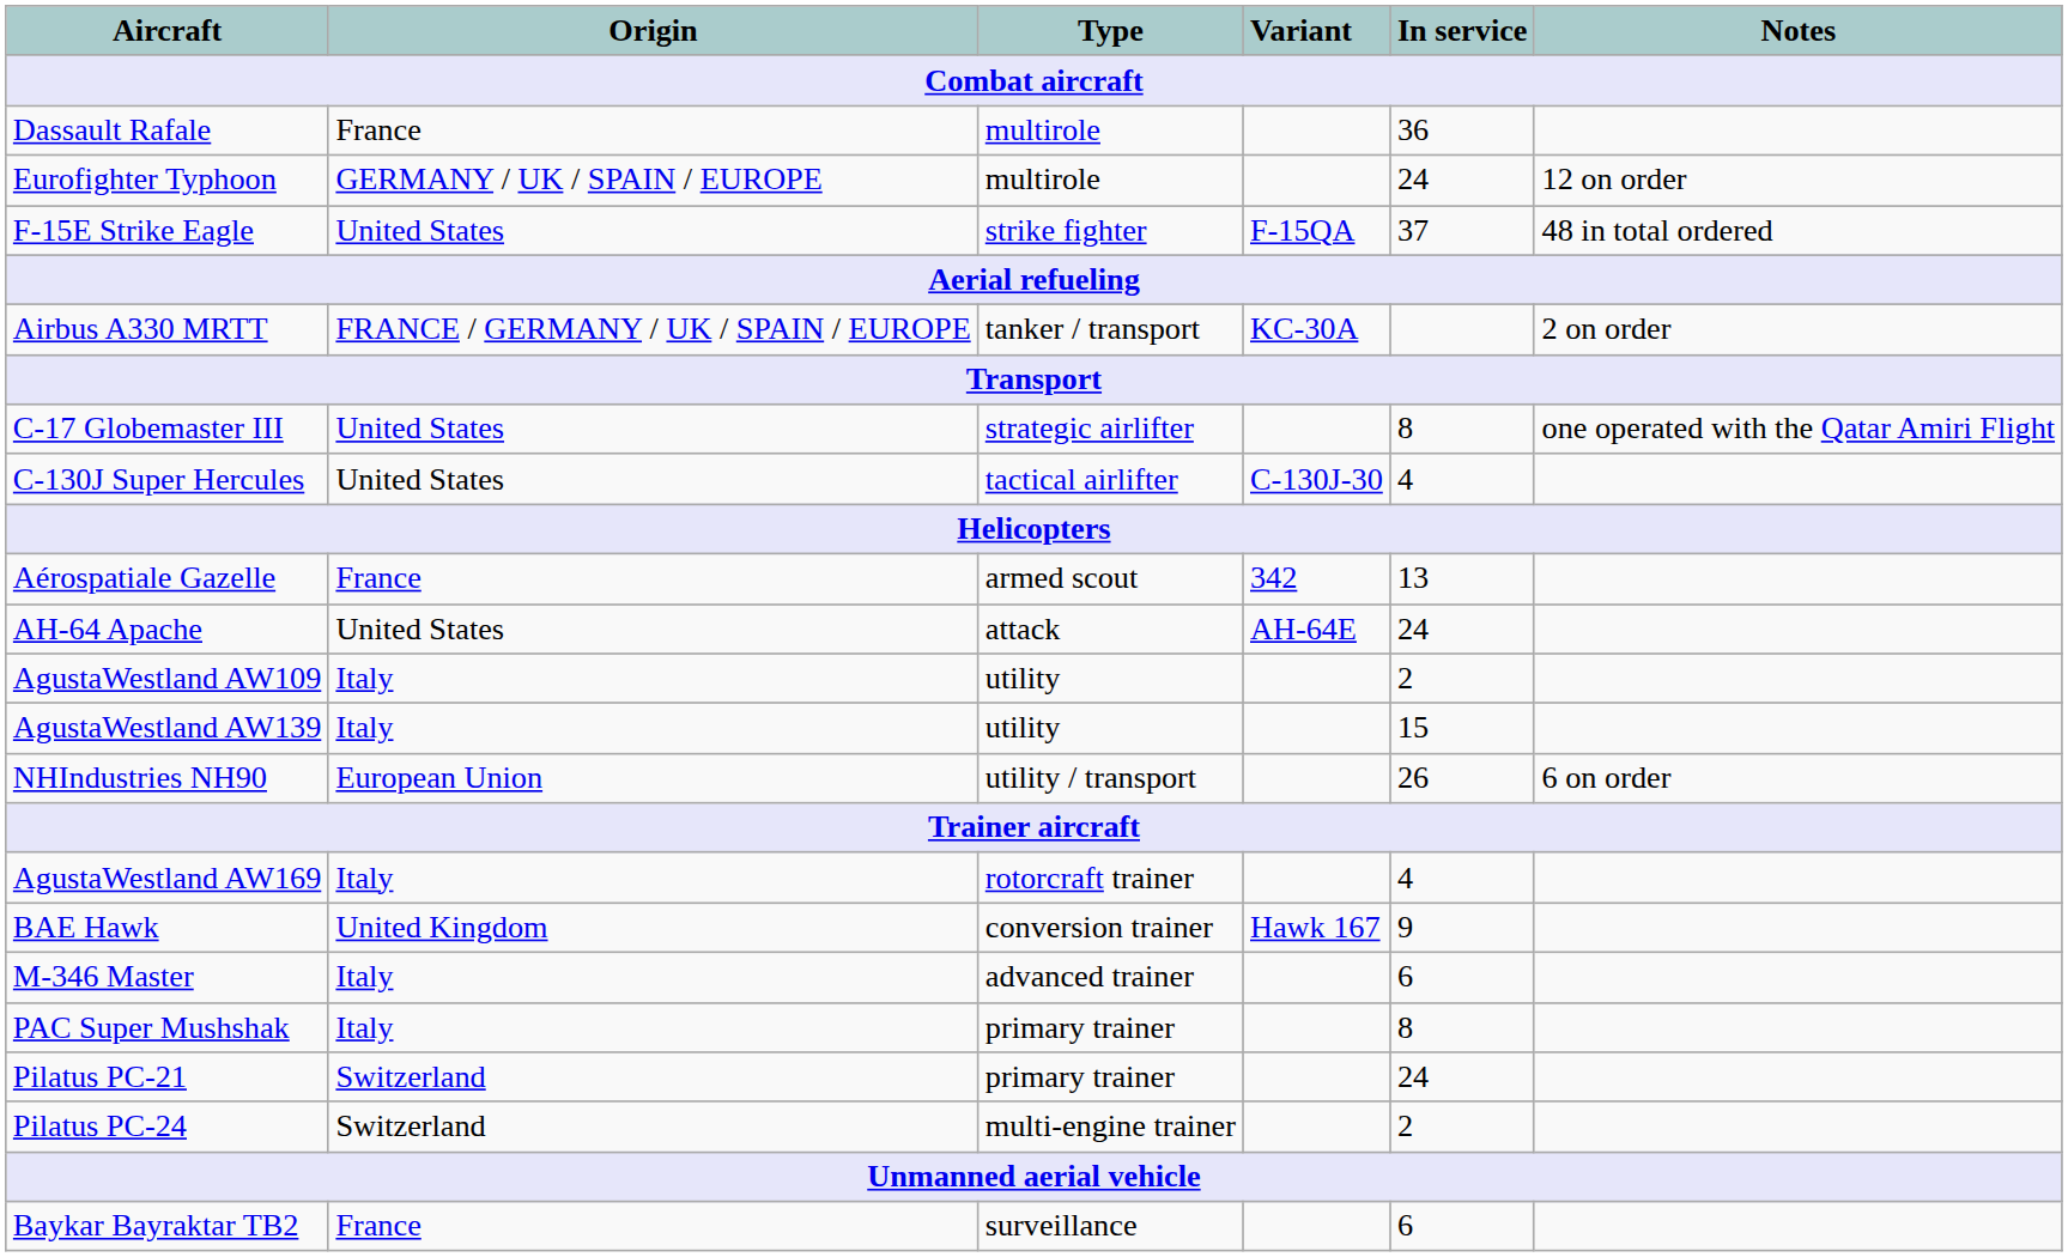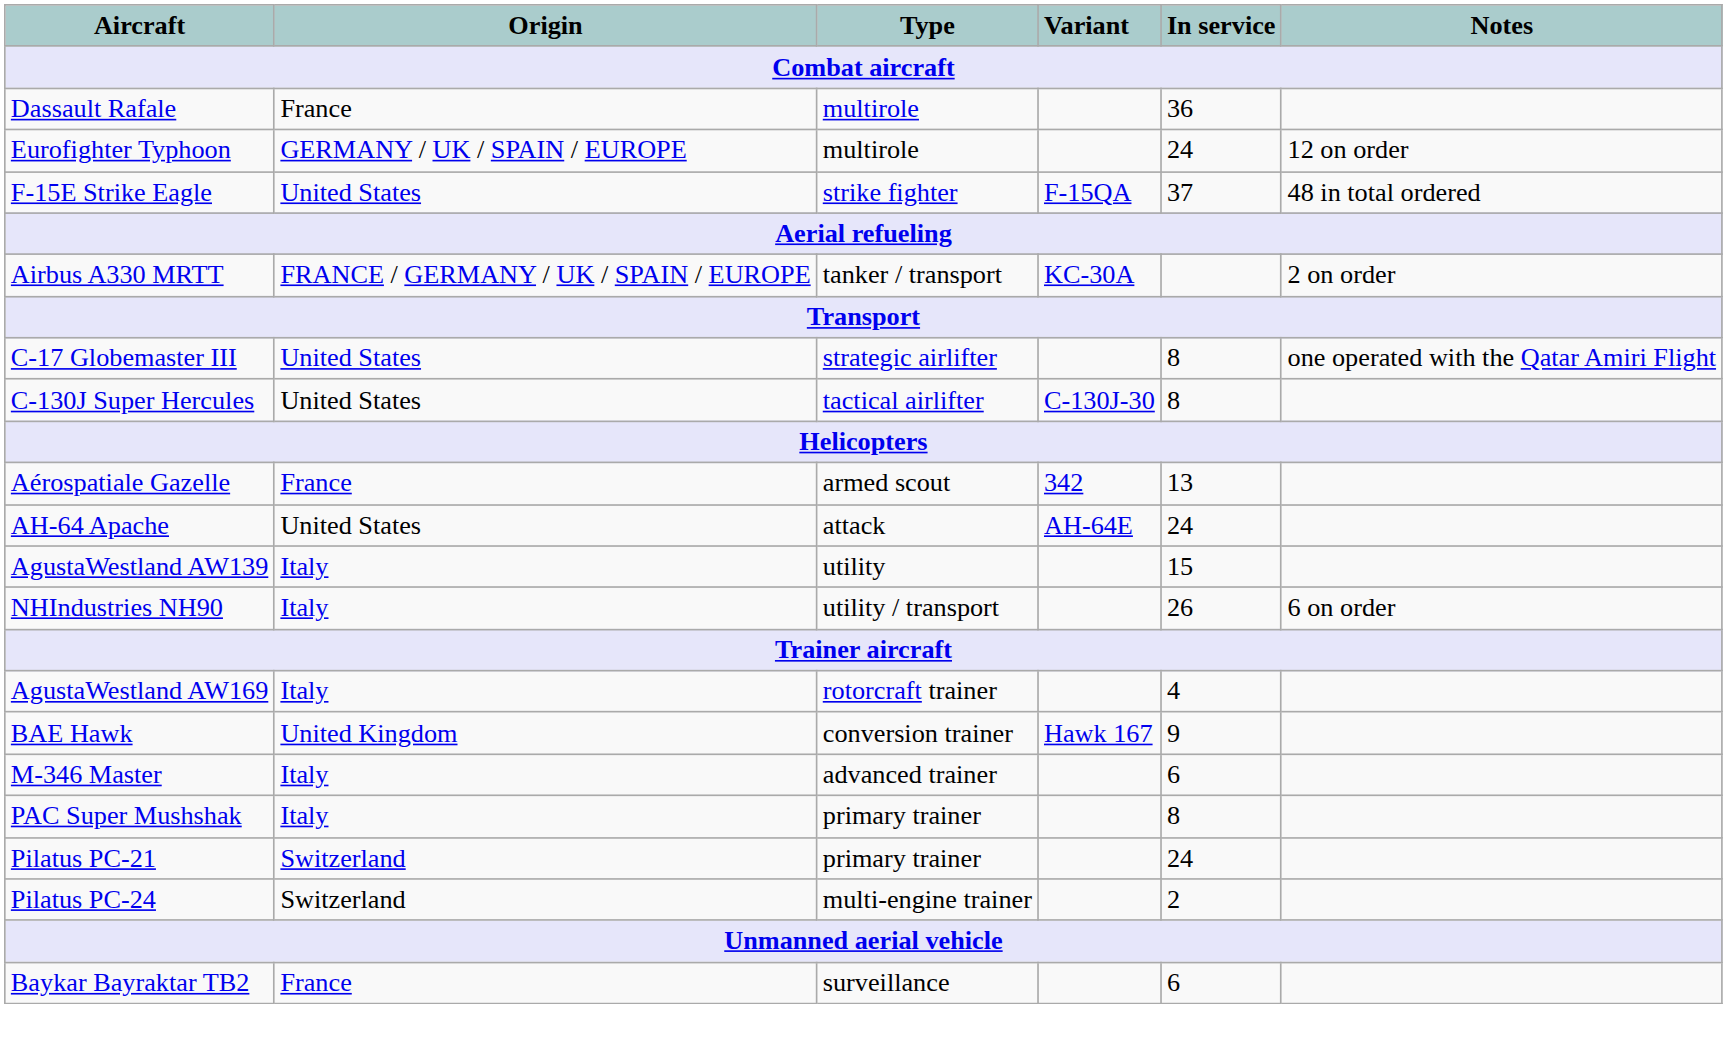 <table class="wikitable">
 <tr>
 <th style="text-align:center; background:#acc;">Aircraft</th>
 <th style="text-align: center; background:#acc;">Origin</th>
 <th style="text-align:l center; background:#acc;">Type</th>
 <th style="text-align:left; background:#acc;">Variant</th>
 <th style="text-align:center; background:#acc;">In service</th>
 <th style="text-align: center; background:#acc;">Notes</th>
 </tr>
 <tr>
 <th style="align: center; background: lavender;" colspan="6"><a href='#'>Combat aircraft</a></th>
 </tr>
 <tr>
 <td><a href='#'>Dassault Rafale</a></td>
 <td>France</td>
 <td><a href='#'>multirole</a></td>
 <td></td>
 <td>36</td>
 <td></td>
 </tr>
 <tr>
 <td><a href='#'>Eurofighter Typhoon</a></td>
 <td><a href='#'>GERMANY</a> / <a href='#'>UK</a> / <a href='#'>SPAIN</a> / <a href='#'>EUROPE</a></td>
 <td>multirole</td>
 <td></td>
 <td>24</td>
 <td>12 on order</td>
 </tr>
 <tr>
 <td><a href='#'>F-15E Strike Eagle</a></td>
 <td><a href='#'>United States</a></td>
 <td><a href='#'>strike fighter</a></td>
 <td><a href='#'>F-15QA</a></td>
 <td>37</td>
 <td>48 in total ordered</td>
 </tr>
 <tr>
 <th style="align: center; background: lavender;" colspan="6"><a href='#'>Aerial refueling</a></th>
 </tr>
 <tr>
 <td><a href='#'>Airbus A330 MRTT</a></td>
 <td><a href='#'>FRANCE</a> / <a href='#'>GERMANY</a> / <a href='#'>UK</a> / <a href='#'>SPAIN</a> / <a href='#'>EUROPE</a></td>
 <td>tanker / transport</td>
 <td><a href='#'>KC-30A</a></td>
 <td></td>
 <td>2 on order</td>
 </tr>
 <tr>
 <th style="align: center; background: lavender;" colspan="6"><a href='#'>Transport</a></th>
 </tr>
 <tr>
 <td><a href='#'>C-17 Globemaster III</a></td>
 <td><a href='#'>United States</a></td>
 <td><a href='#'>strategic airlifter</a></td>
 <td></td>
 <td>8</td>
 <td>one operated with the <a href='#'>Qatar Amiri Flight</a></td>
 </tr>
 <tr>
 <td><a href='#'>C-130J Super Hercules</a></td>
 <td>United States</td>
 <td><a href='#'>tactical airlifter</a></td>
 <td><a href='#'>C-130J-30</a></td>
-<td>4</td>
+<td>8</td>
 <td></td>
 </tr>
 <tr>
 <th style="align: center; background: lavender;" colspan="6"><a href='#'>Helicopters</a></th>
 </tr>
 <tr>
 <td><a href='#'>Aérospatiale Gazelle</a></td>
 <td><a href='#'>France</a></td>
 <td>armed scout</td>
 <td><a href='#'>342</a></td>
 <td>13</td>
 <td></td>
 </tr>
 <tr>
 <td><a href='#'>AH-64 Apache</a></td>
 <td>United States</td>
 <td>attack</td>
 <td><a href='#'>AH-64E</a></td>
 <td>24</td>
 <td></td>
 </tr>
 <tr>
-<td><a href='#'>AgustaWestland AW109</a></td>
-<td><a href='#'>Italy</a></td>
-<td>utility</td>
-<td></td>
-<td>2</td>
-<td></td>
-</tr>
-<tr>
 <td><a href='#'>AgustaWestland AW139</a></td>
 <td><a href='#'>Italy</a></td>
 <td>utility</td>
 <td></td>
 <td>15</td>
 <td></td>
 </tr>
 <tr>
 <td><a href='#'>NHIndustries NH90</a></td>
-<td><a href='#'>European Union</a></td>
+<td><a href='#'>Italy</a></td>
 <td>utility / transport</td>
 <td></td>
 <td>26</td>
 <td>6 on order</td>
 </tr>
 <tr>
 <th style="align: center; background: lavender;" colspan="6"><a href='#'>Trainer aircraft</a></th>
 </tr>
 <tr>
 <td><a href='#'>AgustaWestland AW169</a></td>
 <td><a href='#'>Italy</a></td>
 <td><a href='#'>rotorcraft</a> trainer</td>
 <td></td>
 <td>4</td>
 <td></td>
 </tr>
 <tr>
 <td><a href='#'>BAE Hawk</a></td>
 <td><a href='#'>United Kingdom</a></td>
 <td>conversion trainer</td>
 <td><a href='#'>Hawk 167</a></td>
 <td>9</td>
 <td></td>
 </tr>
 <tr>
 <td><a href='#'>M-346 Master</a></td>
 <td><a href='#'>Italy</a></td>
 <td>advanced trainer</td>
 <td></td>
 <td>6</td>
 <td></td>
 </tr>
 <tr>
 <td><a href='#'>PAC Super Mushshak</a></td>
 <td><a href='#'>Italy</a></td>
 <td>primary trainer</td>
 <td></td>
 <td>8</td>
 <td></td>
 </tr>
 <tr>
 <td><a href='#'>Pilatus PC-21</a></td>
 <td><a href='#'>Switzerland</a></td>
 <td>primary trainer</td>
 <td></td>
 <td>24</td>
 <td></td>
 </tr>
 <tr>
 <td><a href='#'>Pilatus PC-24</a></td>
 <td>Switzerland</td>
 <td>multi-engine trainer</td>
 <td></td>
 <td>2</td>
 <td></td>
 </tr>
 <tr>
 <th style="align: center; background: lavender;" colspan="6"><a href='#'>Unmanned aerial vehicle</a></th>
 </tr>
 <tr>
 <td><a href='#'>Baykar Bayraktar TB2</a></td>
 <td><a href='#'>France</a></td>
 <td>surveillance</td>
 <td></td>
 <td>6</td>
 <td></td>
 </tr>
 </table>
